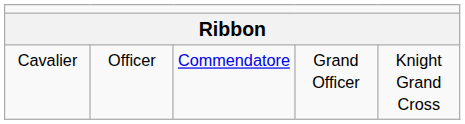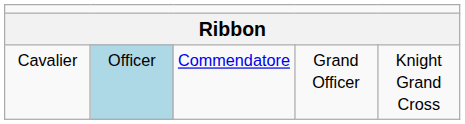 <table align=center class=wikitable width=60%>
 <tr>
 <td colspan="5" align="center"></td>
 </tr>
 <tr>
 <th colspan=5>Ribbon</th>
 </tr>
 <tr>
 <td width=20% valign=top align=center><small>Cavalier</small></td>
-<td width=20% valign=top align=center><small>Officer</small></td>
+<td width=20% valign=top align=center style="background: lightblue;"><small>Officer</small></td>
 <td width=20% valign=top align=center><small><a href='#'>Commendatore</a></small></td>
 <td width=20% valign=top align=center><small>Grand Officer</small></td>
 <td width=20% valign=top align=center><small>Knight Grand Cross</small></td>
 </tr>
 </table>
